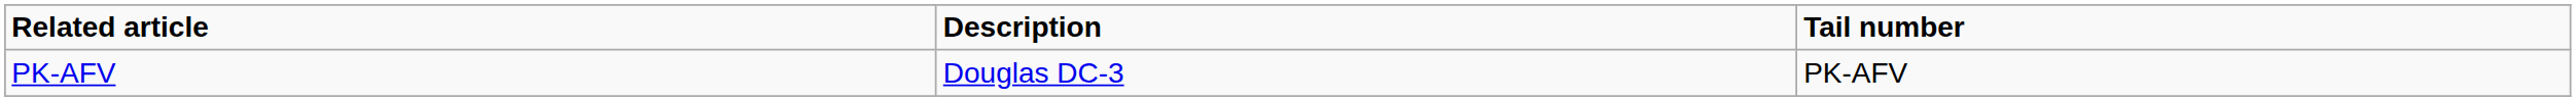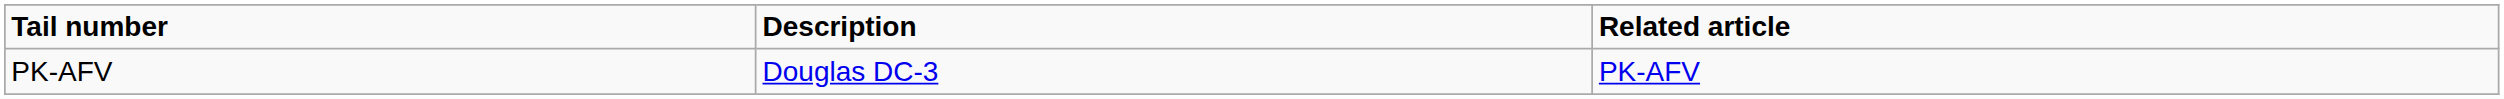 <table class="wikitable" width="90%">
 <tr>
+<td><strong>Tail number</strong></td>
+<td><strong>Description</strong></td>
 <td><strong>Related article</strong></td>
-<td><strong>Description</strong></td>
-<td><strong>Tail number</strong></td>
 </tr>
 <tr>
+<td>PK-AFV</td>
+<td><a href='#'>Douglas DC-3</a></td>
 <td><a href='#'>PK-AFV</a></td>
-<td><a href='#'>Douglas DC-3</a></td>
-<td>PK-AFV</td>
 </tr>
 </table>
